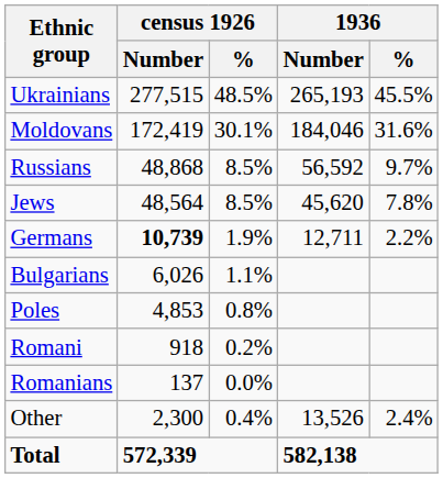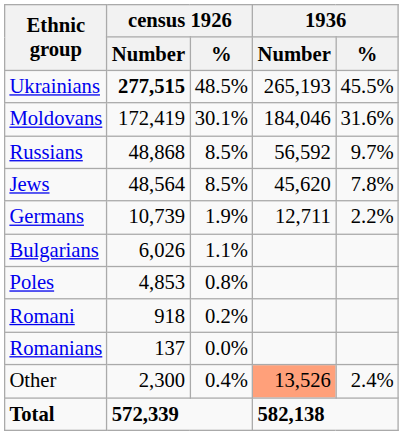 <table class="wikitable">
 <tr>
 <th rowspan="2">Ethnic<br>group</th>
 <th colspan="2">census 1926</th>
 <th colspan="2">1936</th>
 </tr>
 <tr>
 <th>Number</th>
 <th>%</th>
 <th>Number</th>
 <th>%</th>
 </tr>
 <tr>
 <td><a href='#'>Ukrainians</a></td>
-<td align="right">277,515</td>
+<td align="right"><strong>277,515</strong></td>
 <td align="right">48.5%</td>
 <td align="right">265,193</td>
 <td align="right">45.5%</td>
 </tr>
 <tr>
 <td><a href='#'>Moldovans</a></td>
 <td align="right">172,419</td>
 <td align="right">30.1%</td>
 <td align="right">184,046</td>
 <td align="right">31.6%</td>
 </tr>
 <tr>
 <td><a href='#'>Russians</a></td>
 <td align="right">48,868</td>
 <td align="right">8.5%</td>
 <td align="right">56,592</td>
 <td align="right">9.7%</td>
 </tr>
 <tr>
 <td><a href='#'>Jews</a></td>
 <td align="right">48,564</td>
 <td align="right">8.5%</td>
 <td align="right">45,620</td>
 <td align="right">7.8%</td>
 </tr>
 <tr>
 <td><a href='#'>Germans</a></td>
-<td align="right"><strong>10,739</strong></td>
+<td align="right">10,739</td>
 <td align="right">1.9%</td>
 <td align="right">12,711</td>
 <td align="right">2.2%</td>
 </tr>
 <tr>
 <td><a href='#'>Bulgarians</a></td>
 <td align="right">6,026</td>
 <td align="right">1.1%</td>
 <td align="right"></td>
 <td align="right"></td>
 </tr>
 <tr>
 <td><a href='#'>Poles</a></td>
 <td align="right">4,853</td>
 <td align="right">0.8%</td>
 <td align="right"></td>
 <td align="right"></td>
 </tr>
 <tr>
 <td><a href='#'>Romani</a></td>
 <td align="right">918</td>
 <td align="right">0.2%</td>
 <td align="right"></td>
 <td align="right"></td>
 </tr>
 <tr>
 <td><a href='#'>Romanians</a></td>
 <td align="right">137</td>
 <td align="right">0.0%</td>
 <td align="right"></td>
 <td align="right"></td>
 </tr>
 <tr>
 <td>Other</td>
 <td align="right">2,300</td>
 <td align="right">0.4%</td>
-<td align="right">13,526</td>
+<td align="right" style="background: lightsalmon;">13,526</td>
 <td align="right">2.4%</td>
 </tr>
 <tr>
 <td align="left"><strong>Total</strong></td>
 <td colspan="2"><strong>572,339</strong></td>
 <td colspan="2"><strong>582,138</strong></td>
 </tr>
 </table>
